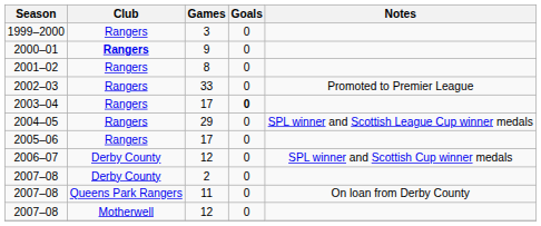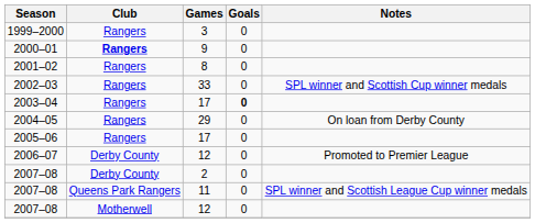 <table class="wikitable" style="text-align:center; font-size:90%;">
 <tr>
 <th>Season</th>
 <th>Club</th>
 <th>Games</th>
 <th>Goals</th>
 <th>Notes</th>
 </tr>
 <tr --->
 <td>1999–2000</td>
 <td><a href='#'>Rangers</a></td>
 <td>3</td>
 <td>0</td>
 <td></td>
 </tr>
 <tr --->
 <td>2000–01</td>
 <td><strong><a href='#'>Rangers</a></strong></td>
 <td>9</td>
 <td>0</td>
 <td></td>
 </tr>
 <tr --->
 <td>2001–02</td>
 <td><a href='#'>Rangers</a></td>
 <td>8</td>
 <td>0</td>
 <td></td>
 </tr>
 <tr --->
 <td>2002–03</td>
 <td><a href='#'>Rangers</a></td>
 <td>33</td>
 <td>0</td>
-<td>Promoted to Premier League</td>
+<td><a href='#'>SPL winner</a> and <a href='#'>Scottish Cup winner</a> medals</td>
 </tr>
 <tr --->
 <td>2003–04</td>
 <td><a href='#'>Rangers</a></td>
 <td>17</td>
 <td><strong>0</strong></td>
 <td></td>
 </tr>
 <tr --->
 <td>2004–05</td>
 <td><a href='#'>Rangers</a></td>
 <td>29</td>
 <td>0</td>
-<td><a href='#'>SPL winner</a> and <a href='#'>Scottish League Cup winner</a> medals</td>
+<td>On loan from Derby County</td>
 </tr>
 <tr --->
 <td>2005–06</td>
 <td><a href='#'>Rangers</a></td>
 <td>17</td>
 <td>0</td>
 <td></td>
 </tr>
 <tr --->
 <td>2006–07</td>
 <td><a href='#'>Derby County</a></td>
 <td>12</td>
 <td>0</td>
-<td><a href='#'>SPL winner</a> and <a href='#'>Scottish Cup winner</a> medals</td>
+<td>Promoted to Premier League</td>
 </tr>
 <tr --->
 <td>2007–08</td>
 <td><a href='#'>Derby County</a></td>
 <td>2</td>
 <td>0</td>
 <td></td>
 </tr>
 <tr --->
 <td>2007–08</td>
 <td><a href='#'>Queens Park Rangers</a></td>
 <td>11</td>
 <td>0</td>
-<td>On loan from Derby County</td>
+<td><a href='#'>SPL winner</a> and <a href='#'>Scottish League Cup winner</a> medals</td>
 </tr>
 <tr --->
 <td>2007–08</td>
 <td><a href='#'>Motherwell</a></td>
 <td>12</td>
 <td>0</td>
 <td></td>
 </tr>
 <tr --->
 </tr>
 </table>
